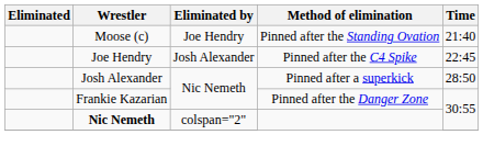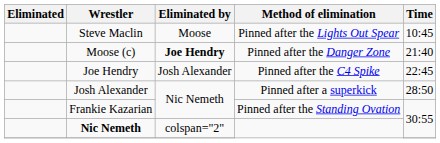 <table class="wikitable sortable" style="text-align:center;">
 <tr>
 <th>Eliminated</th>
 <th>Wrestler</th>
 <th>Eliminated by</th>
 <th>Method of elimination</th>
 <th>Time</th>
 </tr>
 <tr>
 <td></td>
+<td>Steve Maclin</td>
+<td>Moose</td>
+<td>Pinned after the <em><a href='#'>Lights Out Spear</a></em></td>
+<td>10:45</td>
+</tr>
+<tr>
+<td></td>
 <td>Moose (c)</td>
-<td>Joe Hendry</td>
-<td>Pinned after the <em><a href='#'>Standing Ovation</a></em></td>
+<td><strong>Joe Hendry</strong></td>
+<td>Pinned after the <em><a href='#'>Danger Zone</a></em></td>
 <td>21:40</td>
 </tr>
 <tr>
 <td></td>
 <td>Joe Hendry</td>
 <td>Josh Alexander</td>
 <td>Pinned after the <em><a href='#'>C4 Spike</a></em></td>
 <td>22:45</td>
 </tr>
 <tr>
 <td></td>
 <td>Josh Alexander</td>
 <td rowspan=2>Nic Nemeth</td>
 <td>Pinned after a <a href='#'>superkick</a></td>
 <td>28:50</td>
 </tr>
 <tr>
 <td></td>
 <td>Frankie Kazarian</td>
-<td>Pinned after the <em><a href='#'>Danger Zone</a></em></td>
+<td>Pinned after the <em><a href='#'>Standing Ovation</a></em></td>
 <td rowspan=2>30:55</td>
 </tr>
 <tr>
 <td><strong></strong></td>
 <td><strong>Nic Nemeth</strong></td>
 <td>colspan="2" </td>
 </tr>
 <tr>
 </tr>
 </table>
